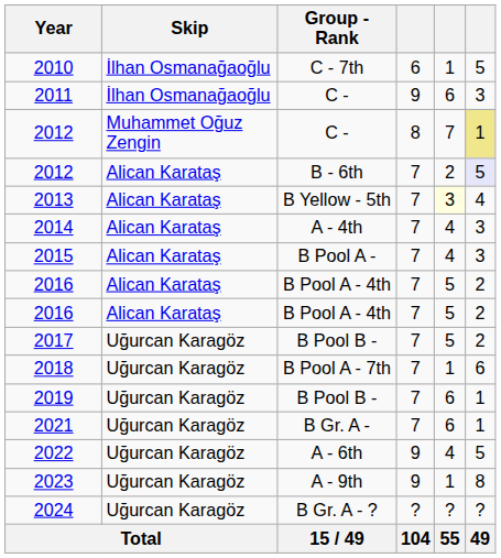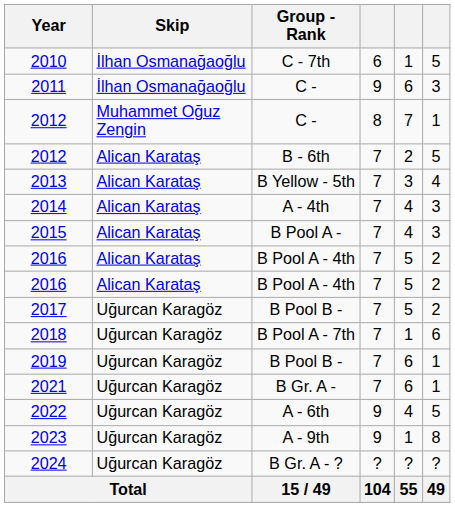 <table class="wikitable" style="text-align: center;">
 <tr>
 <th width="80">Year</th>
 <th width="150">Skip</th>
 <th width="100">Group - Rank</th>
 <th width="20"></th>
 <th width="20"></th>
 <th width="20"></th>
 </tr>
 <tr>
 <td> <a href='#'>2010</a></td>
 <td align=left><a href='#'>İlhan Osmanağaoğlu</a></td>
 <td>C - 7th</td>
 <td>6</td>
 <td>1</td>
 <td>5</td>
 </tr>
 <tr>
 <td> <a href='#'>2011</a></td>
 <td align=left><a href='#'>İlhan Osmanağaoğlu</a></td>
 <td>C - </td>
 <td>9</td>
 <td>6</td>
 <td>3</td>
 </tr>
 <tr>
 <td> <a href='#'>2012</a></td>
 <td align=left><a href='#'>Muhammet Oğuz Zengin</a></td>
 <td>C - </td>
 <td>8</td>
 <td>7</td>
-<td style="background: khaki;">1</td>
+<td>1</td>
 </tr>
 <tr>
 <td> <a href='#'>2012</a></td>
 <td align=left><a href='#'>Alican Karataş</a></td>
 <td>B - 6th</td>
 <td>7</td>
 <td>2</td>
-<td style="background: lavender;">5</td>
+<td>5</td>
 </tr>
 <tr>
 <td> <a href='#'>2013</a></td>
 <td align=left><a href='#'>Alican Karataş</a></td>
 <td>B Yellow - 5th</td>
 <td>7</td>
-<td style="background: lightyellow;">3</td>
+<td>3</td>
 <td>4</td>
 </tr>
 <tr>
 <td> <a href='#'>2014</a></td>
 <td align=left><a href='#'>Alican Karataş</a></td>
 <td>A - 4th</td>
 <td>7</td>
 <td>4</td>
 <td>3</td>
 </tr>
 <tr>
 <td> <a href='#'>2015</a></td>
 <td align=left><a href='#'>Alican Karataş</a></td>
 <td>B Pool A - </td>
 <td>7</td>
 <td>4</td>
 <td>3</td>
 </tr>
 <tr>
 <td> <a href='#'>2016</a></td>
 <td align=left><a href='#'>Alican Karataş</a></td>
 <td>B Pool A - 4th</td>
 <td>7</td>
 <td>5</td>
 <td>2</td>
 </tr>
 <tr>
 <td> <a href='#'>2016</a></td>
 <td align=left><a href='#'>Alican Karataş</a></td>
 <td>B Pool A - 4th</td>
 <td>7</td>
 <td>5</td>
 <td>2</td>
 </tr>
 <tr>
 <td> <a href='#'>2017</a></td>
 <td align=left>Uğurcan Karagöz</td>
 <td>B Pool B - </td>
 <td>7</td>
 <td>5</td>
 <td>2</td>
 </tr>
 <tr>
 <td> <a href='#'>2018</a></td>
 <td align=left>Uğurcan Karagöz</td>
 <td>B Pool A - 7th</td>
 <td>7</td>
 <td>1</td>
 <td>6</td>
 </tr>
 <tr>
 <td> <a href='#'>2019</a></td>
 <td align=left>Uğurcan Karagöz</td>
 <td>B Pool B - </td>
 <td>7</td>
 <td>6</td>
 <td>1</td>
 </tr>
 <tr>
 <td> <a href='#'>2021</a></td>
 <td align=left>Uğurcan Karagöz</td>
 <td>B Gr. A - </td>
 <td>7</td>
 <td>6</td>
 <td>1</td>
 </tr>
 <tr>
 <td> <a href='#'>2022</a></td>
 <td align=left>Uğurcan Karagöz</td>
 <td>A - 6th</td>
 <td>9</td>
 <td>4</td>
 <td>5</td>
 </tr>
 <tr>
 <td> <a href='#'>2023</a></td>
 <td align=left>Uğurcan Karagöz</td>
 <td>A - 9th</td>
 <td>9</td>
 <td>1</td>
 <td>8</td>
 </tr>
 <tr>
 <td> <a href='#'>2024</a></td>
 <td align=left>Uğurcan Karagöz</td>
 <td>B Gr. A - ?</td>
 <td>?</td>
 <td>?</td>
 <td>?</td>
 </tr>
 <tr>
 <th colspan=2>Total</th>
 <th>15 / 49</th>
 <th>104</th>
 <th>55</th>
 <th>49</th>
 </tr>
 </table>
